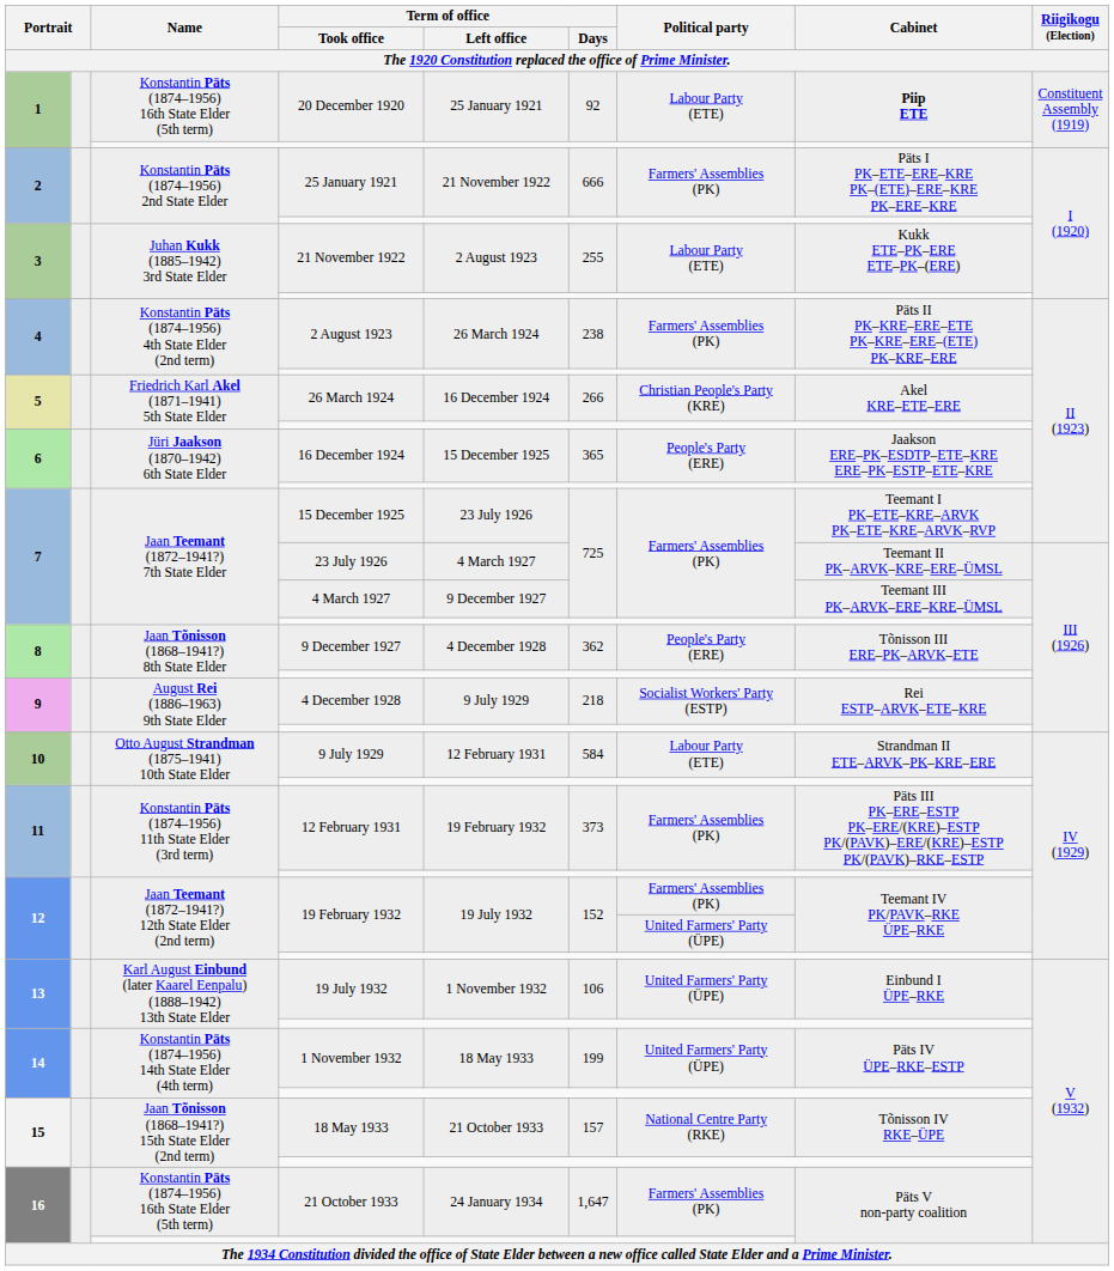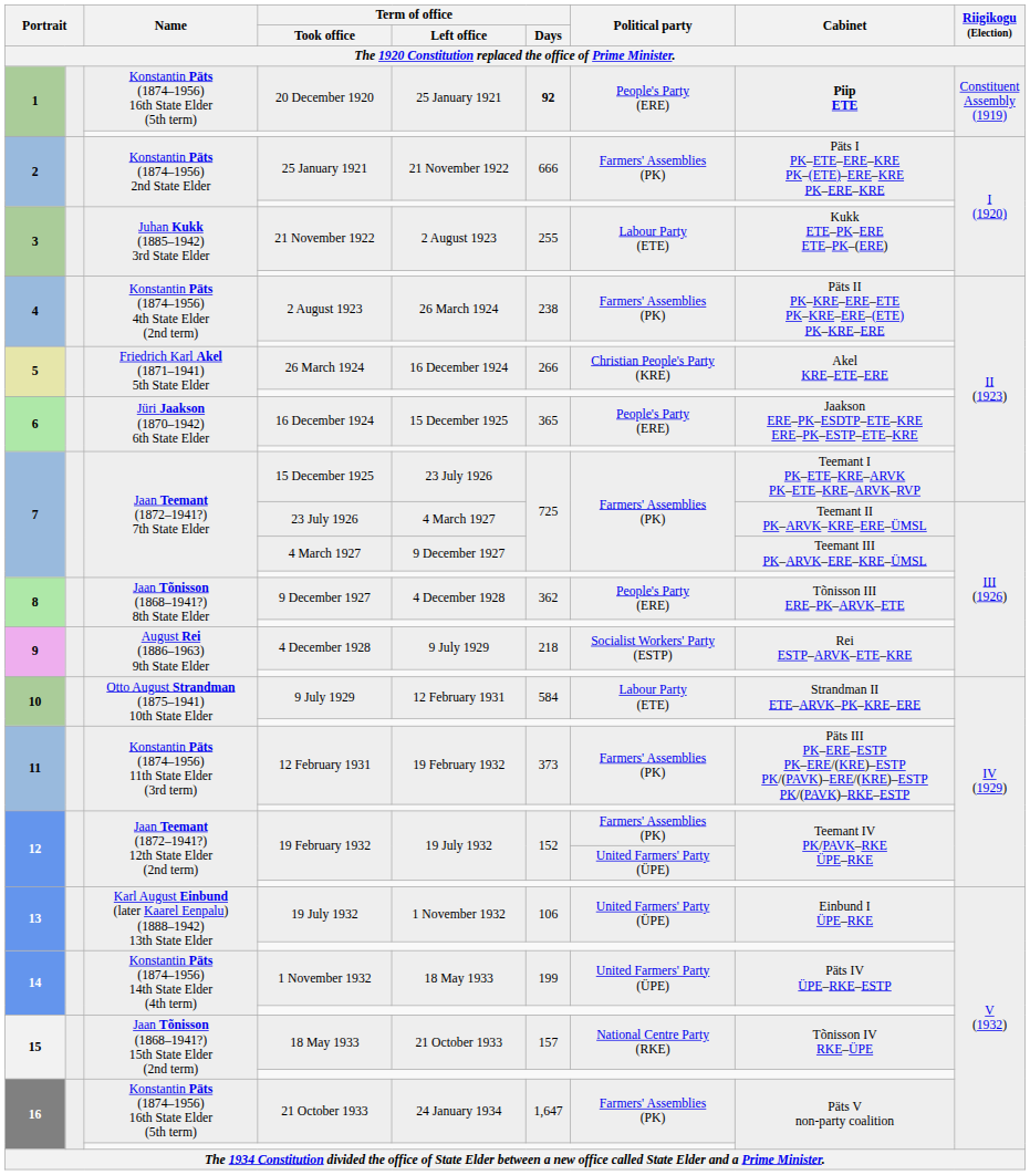 <table class="wikitable" style="text-align:center; width:100%; border:1px #AAAAFF solid">
 <tr>
 <th width=70 colspan=2 rowspan=2>Portrait</th>
 <th width=17% rowspan=2>Name</th>
 <th width=200 colspan=3>Term of office</th>
 <th rowspan=2>Political party</th>
 <th rowspan=2>Cabinet</th>
 <th width=80 rowspan=2><a href='#'>Riigikogu</a><br><small>(Election)</small></th>
 </tr>
 <tr>
 <th>Took office</th>
 <th>Left office</th>
 <th>Days</th>
 </tr>
 <tr>
 <th colspan=10><em>The <a href='#'>1920 Constitution</a> replaced the office of <a href='#'>Prime Minister</a>.</em></th>
 </tr>
 <tr bgcolor=#EEEEEE>
 <th rowspan=2 style="background:#AACC99;">1</th>
 <td rowspan=2></td>
 <td><a href='#'>Konstantin <strong>Päts</strong></a><br>(1874–1956)<br>16th State Elder<br>(5th term)</td>
 <td>20 December 1920</td>
 <td>25 January 1921</td>
-<td>92</td>
-<td><a href='#'>Labour Party</a><br>(ETE)</td>
+<td><strong>92</strong></td>
+<td><a href='#'>People's Party</a><br>(ERE)</td>
 <td><strong>Piip<br><a href='#'>ETE</a></strong></td>
 <td rowspan=2><a href='#'>Constituent<br>Assembly<br>(1919)</a></td>
 </tr>
 <tr>
 <td colspan="5" style="text-align:left;"></td>
 </tr>
 <tr bgcolor=#EEEEEE>
 <th rowspan=2 style="background:#99badd;">2</th>
 <td rowspan=2></td>
 <td rowspan=2><a href='#'>Konstantin <strong>Päts</strong></a><br>(1874–1956)<br>2nd State Elder<br></td>
 <td>25 January 1921</td>
 <td>21 November 1922</td>
 <td>666</td>
 <td><a href='#'>Farmers' Assemblies</a><br>(PK)</td>
 <td>Päts I<br><a href='#'>PK</a>–<a href='#'>ETE</a>–<a href='#'>ERE</a>–<a href='#'>KRE</a><br><a href='#'>PK</a>–<a href='#'>(ETE)</a>–<a href='#'>ERE</a>–<a href='#'>KRE</a><br><a href='#'>PK</a>–<a href='#'>ERE</a>–<a href='#'>KRE</a><br></td>
 <td rowspan=4><a href='#'>I</a><br><a href='#'>(1920)</a></td>
 </tr>
 <tr>
 <td colspan="5" style="text-align:left;"></td>
 </tr>
 <tr bgcolor=#EEEEEE>
 <th rowspan=2 style="background:#AACC99;">3</th>
 <td rowspan=2></td>
 <td rowspan=2><a href='#'>Juhan <strong>Kukk</strong></a><br>(1885–1942)<br>3rd State Elder</td>
 <td>21 November 1922</td>
 <td>2 August 1923</td>
 <td>255</td>
 <td><a href='#'>Labour Party</a><br>(ETE)</td>
 <td>Kukk<br><a href='#'>ETE</a>–<a href='#'>PK</a>–<a href='#'>ERE</a><br><a href='#'>ETE</a>–<a href='#'>PK</a>–(<a href='#'>ERE</a>)<br><br></td>
 </tr>
 <tr>
 <td colspan="5" style="text-align:left;"></td>
 </tr>
 <tr bgcolor=#EEEEEE>
 <th rowspan=2 style="background:#99badd;">4</th>
 <td rowspan=2></td>
 <td rowspan=2><a href='#'>Konstantin <strong>Päts</strong></a><br>(1874–1956)<br>4th State Elder<br>(2nd term)</td>
 <td>2 August 1923</td>
 <td>26 March 1924</td>
 <td>238</td>
 <td><a href='#'>Farmers' Assemblies</a><br>(PK)</td>
 <td>Päts II<br><a href='#'>PK</a>–<a href='#'>KRE</a>–<a href='#'>ERE</a>–<a href='#'>ETE</a><br><a href='#'>PK</a>–<a href='#'>KRE</a>–<a href='#'>ERE</a>–<a href='#'>(ETE)</a><br><a href='#'>PK</a>–<a href='#'>KRE</a>–<a href='#'>ERE</a><br></td>
 <td rowspan=7><a href='#'>II</a><br>(<a href='#'>1923</a>)</td>
 </tr>
 <tr>
 <td colspan="5" style="text-align:left;"></td>
 </tr>
 <tr bgcolor=#EEEEEE>
 <th rowspan=2 style="background:#E6E6AA;">5</th>
 <td rowspan=2></td>
 <td rowspan=2><a href='#'>Friedrich Karl <strong>Akel</strong></a><br>(1871–1941)<br>5th State Elder</td>
 <td>26 March 1924</td>
 <td>16 December 1924</td>
 <td>266</td>
 <td><a href='#'>Christian People's Party</a><br>(KRE)</td>
 <td>Akel<br><a href='#'>KRE</a>–<a href='#'>ETE</a>–<a href='#'>ERE</a></td>
 </tr>
 <tr>
 <td colspan="5" style="text-align:left;"></td>
 </tr>
 <tr bgcolor=#EEEEEE>
 <th rowspan=2 style="background:#AEE8A8;">6</th>
 <td rowspan=2></td>
 <td rowspan=2><a href='#'>Jüri <strong>Jaakson</strong></a><br>(1870–1942)<br>6th State Elder</td>
 <td>16 December 1924</td>
 <td>15 December 1925</td>
 <td>365</td>
 <td><a href='#'>People's Party</a><br>(ERE)</td>
 <td>Jaakson<br><a href='#'>ERE</a>–<a href='#'>PK</a>–<a href='#'>ESDTP</a>–<a href='#'>ETE</a>–<a href='#'>KRE</a><br><a href='#'>ERE</a>–<a href='#'>PK</a>–<a href='#'>ESTP</a>–<a href='#'>ETE</a>–<a href='#'>KRE</a><br></td>
 </tr>
 <tr>
 <td colspan="5" style="text-align:left;"></td>
 </tr>
 <tr bgcolor=#EEEEEE>
 <th rowspan=4 style="background:#99badd;">7</th>
 <td rowspan=4></td>
 <td rowspan=4><a href='#'>Jaan <strong>Teemant</strong></a><br>(1872–1941?)<br>7th State Elder</td>
 <td>15 December 1925</td>
 <td>23 July 1926</td>
 <td rowspan=3>725</td>
 <td rowspan=3><a href='#'>Farmers' Assemblies</a><br>(PK)</td>
 <td>Teemant I<br><a href='#'>PK</a>–<a href='#'>ETE</a>–<a href='#'>KRE</a>–<a href='#'>ARVK</a><br><a href='#'>PK</a>–<a href='#'>ETE</a>–<a href='#'>KRE</a>–<a href='#'>ARVK</a>–<a href='#'>RVP</a><br></td>
 </tr>
 <tr bgcolor=#EEEEEE>
 <td>23 July 1926</td>
 <td>4 March 1927</td>
 <td>Teemant II<br><a href='#'>PK</a>–<a href='#'>ARVK</a>–<a href='#'>KRE</a>–<a href='#'>ERE</a>–<a href='#'>ÜMSL</a></td>
 <td rowspan=7><a href='#'>III</a><br> (<a href='#'>1926</a>)</td>
 </tr>
 <tr bgcolor=#EEEEEE>
 <td>4 March 1927</td>
 <td>9 December 1927</td>
 <td>Teemant III<br><a href='#'>PK</a>–<a href='#'>ARVK</a>–<a href='#'>ERE</a>–<a href='#'>KRE</a>–<a href='#'>ÜMSL</a></td>
 </tr>
 <tr>
 <td colspan="5" style="text-align:left;"></td>
 </tr>
 <tr bgcolor=#EEEEEE>
 <th rowspan=2 style="background:#AEE8A8;">8</th>
 <td rowspan=2></td>
 <td rowspan=2><a href='#'>Jaan <strong>Tõnisson</strong></a><br>(1868–1941?)<br>8th State Elder<br></td>
 <td>9 December 1927</td>
 <td>4 December 1928</td>
 <td>362</td>
 <td><a href='#'>People's Party</a><br>(ERE)</td>
 <td>Tõnisson III<br><a href='#'>ERE</a>–<a href='#'>PK</a>–<a href='#'>ARVK</a>–<a href='#'>ETE</a></td>
 </tr>
 <tr>
 <td colspan="5" style="text-align:left;"></td>
 </tr>
 <tr bgcolor=#EEEEEE>
 <th rowspan=2 style="background:#EEAEEE;">9</th>
 <td rowspan=2></td>
 <td rowspan=2><a href='#'>August <strong>Rei</strong></a><br>(1886–1963)<br>9th State Elder</td>
 <td>4 December 1928</td>
 <td>9 July 1929</td>
 <td>218</td>
 <td><a href='#'>Socialist Workers' Party</a><br>(ESTP)</td>
 <td>Rei<br><a href='#'>ESTP</a>–<a href='#'>ARVK</a>–<a href='#'>ETE</a>–<a href='#'>KRE</a></td>
 </tr>
 <tr>
 <td colspan="5" style="text-align:left;"></td>
 </tr>
 <tr bgcolor=#EEEEEE>
 <th rowspan=2 style="background:#AACC99;">10</th>
 <td rowspan=2></td>
 <td rowspan=2><a href='#'>Otto August <strong>Strandman</strong></a><br>(1875–1941)<br>10th State Elder<br></td>
 <td>9 July 1929</td>
 <td>12 February 1931</td>
 <td>584</td>
 <td><a href='#'>Labour Party</a><br>(ETE)</td>
 <td>Strandman II<br><a href='#'>ETE</a>–<a href='#'>ARVK</a>–<a href='#'>PK</a>–<a href='#'>KRE</a>–<a href='#'>ERE</a></td>
 <td rowspan=7><a href='#'>IV</a><br>(<a href='#'>1929</a>)</td>
 </tr>
 <tr>
 <td colspan="5" style="text-align:left;"></td>
 </tr>
 <tr bgcolor=#EEEEEE>
 <th rowspan=2 style="background:#99badd;">11</th>
 <td rowspan=2></td>
 <td rowspan=2><a href='#'>Konstantin <strong>Päts</strong></a><br>(1874–1956)<br>11th State Elder<br>(3rd term)</td>
 <td>12 February 1931</td>
 <td>19 February 1932</td>
 <td>373</td>
 <td><a href='#'>Farmers' Assemblies</a><br>(PK)</td>
 <td>Päts III<br><a href='#'>PK</a>–<a href='#'>ERE</a>–<a href='#'>ESTP</a><br><a href='#'>PK</a>–<a href='#'>ERE</a>/(<a href='#'>KRE</a>)–<a href='#'>ESTP</a><br><a href='#'>PK</a>/(<a href='#'>PAVK</a>)–<a href='#'>ERE</a>/(<a href='#'>KRE</a>)–<a href='#'>ESTP</a><br><a href='#'>PK</a>/(<a href='#'>PAVK</a>)–<a href='#'>RKE</a>–<a href='#'>ESTP</a><br></td>
 </tr>
 <tr>
 <td colspan="5" style="text-align:left;"></td>
 </tr>
 <tr bgcolor=#EEEEEE>
 <th rowspan=3 style="background:#6495ED; color:white">12</th>
 <td rowspan=3></td>
 <td rowspan=3><a href='#'>Jaan <strong>Teemant</strong></a><br>(1872–1941?)<br>12th State Elder<br>(2nd term)</td>
 <td rowspan=2>19 February 1932</td>
 <td rowspan=2>19 July 1932</td>
 <td rowspan=2>152</td>
 <td><a href='#'>Farmers' Assemblies</a><br>(PK)</td>
 <td rowspan=2>Teemant IV<br><a href='#'>PK</a>/<a href='#'>PAVK</a>–<a href='#'>RKE</a><br><a href='#'>ÜPE</a>–<a href='#'>RKE</a><br></td>
 </tr>
 <tr bgcolor=#EEEEEE>
 <td><a href='#'>United Farmers' Party</a><br>(ÜPE)</td>
 </tr>
 <tr>
 <td colspan="5" style="text-align:left;"></td>
 </tr>
 <tr bgcolor=#EEEEEE>
 <th rowspan=2 style="background:#6495ED; color:white">13</th>
 <td rowspan=2></td>
 <td rowspan=2><a href='#'>Karl August <strong>Einbund</strong></a><br>(later <a href='#'>Kaarel Eenpalu</a>)<br>(1888–1942)<br>13th State Elder</td>
 <td>19 July 1932</td>
 <td>1 November 1932</td>
 <td>106</td>
 <td><a href='#'>United Farmers' Party</a><br>(ÜPE)</td>
 <td>Einbund I<br><a href='#'>ÜPE</a>–<a href='#'>RKE</a><br></td>
 <td rowspan=8><a href='#'>V</a><br>(<a href='#'>1932</a>)</td>
 </tr>
 <tr>
 <td colspan="5" style="text-align:left;"></td>
 </tr>
 <tr bgcolor=#EEEEEE>
 <th rowspan=2 style="background:#6495ED; color:white">14</th>
 <td rowspan=2></td>
 <td rowspan=2><a href='#'>Konstantin <strong>Päts</strong></a><br>(1874–1956)<br>14th State Elder<br>(4th term)</td>
 <td>1 November 1932</td>
 <td>18 May 1933</td>
 <td>199</td>
 <td><a href='#'>United Farmers' Party</a><br>(ÜPE)</td>
 <td>Päts IV<br><a href='#'>ÜPE</a>–<a href='#'>RKE</a>–<a href='#'>ESTP</a><br></td>
 </tr>
 <tr>
 <td colspan="5" style="text-align:left;"></td>
 </tr>
 <tr bgcolor=#EEEEEE>
 <th rowspan=2 style="background:">15</th>
 <td rowspan=2></td>
 <td rowspan=2><a href='#'>Jaan <strong>Tõnisson</strong></a><br>(1868–1941?)<br>15th State Elder<br>(2nd term)</td>
 <td>18 May 1933</td>
 <td>21 October 1933</td>
 <td>157</td>
 <td><a href='#'>National Centre Party</a><br>(RKE)</td>
 <td>Tõnisson IV<br><a href='#'>RKE</a>–<a href='#'>ÜPE</a></td>
 </tr>
 <tr>
 <td colspan="5" style="text-align:left;"></td>
 </tr>
 <tr bgcolor=#EEEEEE>
 <th rowspan=2 style="background:gray; color:white">16</th>
 <td rowspan=2></td>
 <td><a href='#'>Konstantin <strong>Päts</strong></a><br>(1874–1956)<br>16th State Elder<br>(5th term)</td>
 <td>21 October 1933</td>
 <td>24 January 1934</td>
 <td>1,647</td>
 <td><a href='#'>Farmers' Assemblies</a><br>(PK)<br></td>
 <td rowspan=2>Päts V<br>non-party coalition<br></td>
 </tr>
 <tr>
 <td colspan="5" style="text-align:left;"></td>
 </tr>
 <tr>
 <th colspan=10><em>The <a href='#'>1934 Constitution</a> divided the office of State Elder between a new office called State Elder and a <a href='#'>Prime Minister</a>.</em></th>
 </tr>
 </table>
